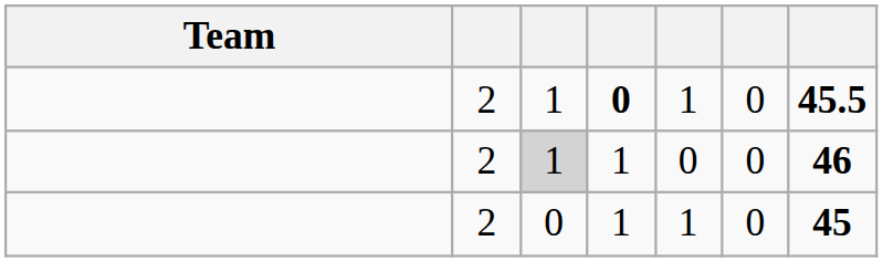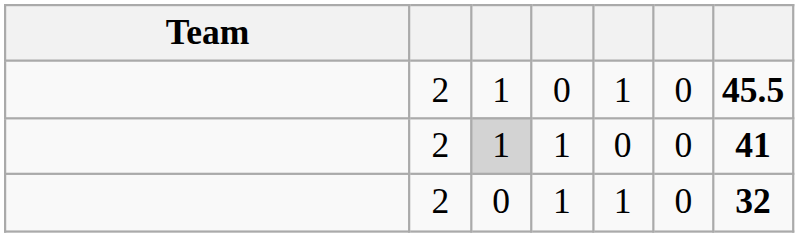 <table class="wikitable" style="text-align:center;">
 <tr>
 <th style="width:175px;">Team</th>
 <th width="20"></th>
 <th width="20"></th>
 <th width="20"></th>
 <th width="20"></th>
 <th width="20"></th>
 <th width="20"></th>
 </tr>
 <tr>
 <td style="text-align:left;"></td>
 <td>2</td>
 <td>1</td>
-<td><strong>0</strong></td>
+<td>0</td>
 <td>1</td>
 <td>0</td>
 <td><strong>45.5</strong></td>
 </tr>
 <tr>
 <td style="text-align:left;"></td>
 <td>2</td>
 <td style="background: lightgrey;">1</td>
 <td>1</td>
 <td>0</td>
 <td>0</td>
-<td><strong>46</strong></td>
+<td><strong>41</strong></td>
 </tr>
 <tr>
 <td style="text-align:left;"></td>
 <td>2</td>
 <td>0</td>
 <td>1</td>
 <td>1</td>
 <td>0</td>
-<td><strong>45</strong></td>
+<td><strong>32</strong></td>
 </tr>
 </table>
